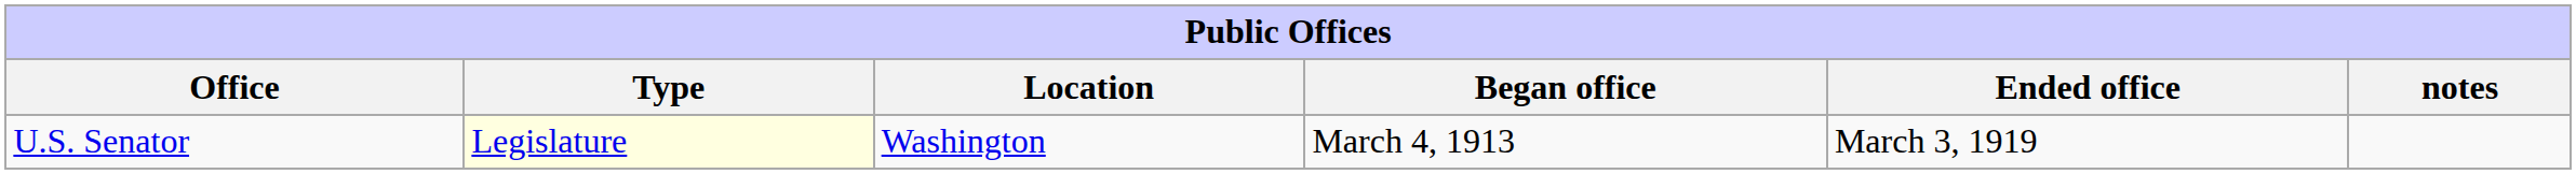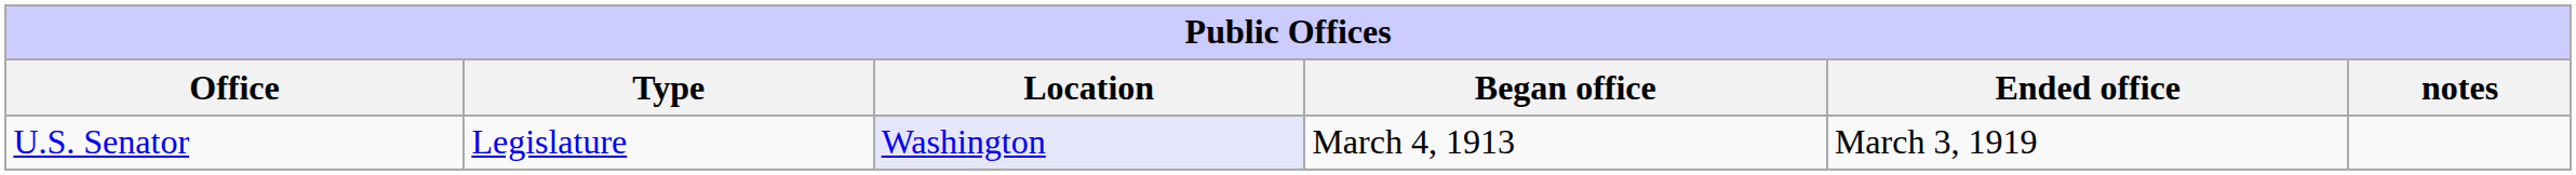 <table class=wikitable style="width: 94%" style="text-align: center;" align="center">
 <tr bgcolor=#cccccc>
 <th colspan=7 style="background: #ccccff;">Public Offices</th>
 </tr>
 <tr>
 <th><strong>Office</strong></th>
 <th><strong>Type</strong></th>
 <th><strong>Location</strong></th>
 <th><strong>Began office</strong></th>
 <th><strong>Ended office</strong></th>
 <th><strong>notes</strong></th>
 </tr>
 <tr>
 <td><a href='#'>U.S. Senator</a></td>
-<td style="background: lightyellow;"><a href='#'>Legislature</a></td>
-<td><a href='#'>Washington</a></td>
+<td><a href='#'>Legislature</a></td>
+<td style="background: lavender;"><a href='#'>Washington</a></td>
 <td>March 4, 1913</td>
 <td>March 3, 1919</td>
 <td></td>
 </tr>
 </table>
